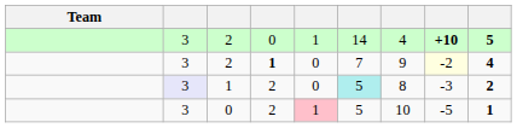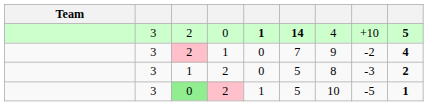 <table class="wikitable" style="text-align:center;">
 <tr>
 <th width=165>Team</th>
 <th width=40></th>
 <th width=40></th>
 <th width=40></th>
 <th width=40></th>
 <th width=40></th>
 <th width=40></th>
 <th width=40></th>
 <th width=40></th>
 </tr>
 <tr bgcolor="ccffcc">
 <td style="text-align:left;"></td>
 <td>3</td>
 <td>2</td>
 <td>0</td>
-<td>1</td>
-<td>14</td>
+<td><strong>1</strong></td>
+<td><strong>14</strong></td>
 <td>4</td>
-<td><strong>+10</strong></td>
+<td>+10</td>
 <td><strong>5</strong></td>
 </tr>
 <tr>
 <td style="text-align:left;"></td>
 <td>3</td>
-<td>2</td>
-<td><strong>1</strong></td>
+<td style="background: pink;">2</td>
+<td>1</td>
 <td>0</td>
 <td>7</td>
 <td>9</td>
-<td style="background: lightyellow;">-2</td>
+<td>-2</td>
 <td><strong>4</strong></td>
 </tr>
 <tr>
 <td style="text-align:left;"></td>
-<td style="background: lavender;">3</td>
+<td>3</td>
 <td>1</td>
 <td>2</td>
 <td>0</td>
-<td style="background: paleturquoise;">5</td>
+<td>5</td>
 <td>8</td>
 <td>-3</td>
 <td><strong>2</strong></td>
 </tr>
 <tr>
 <td style="text-align:left;"></td>
 <td>3</td>
-<td>0</td>
-<td>2</td>
-<td style="background: pink;">1</td>
+<td style="background: lightgreen;">0</td>
+<td style="background: pink;">2</td>
+<td>1</td>
 <td>5</td>
 <td>10</td>
 <td>-5</td>
 <td><strong>1</strong></td>
 </tr>
 </table>
